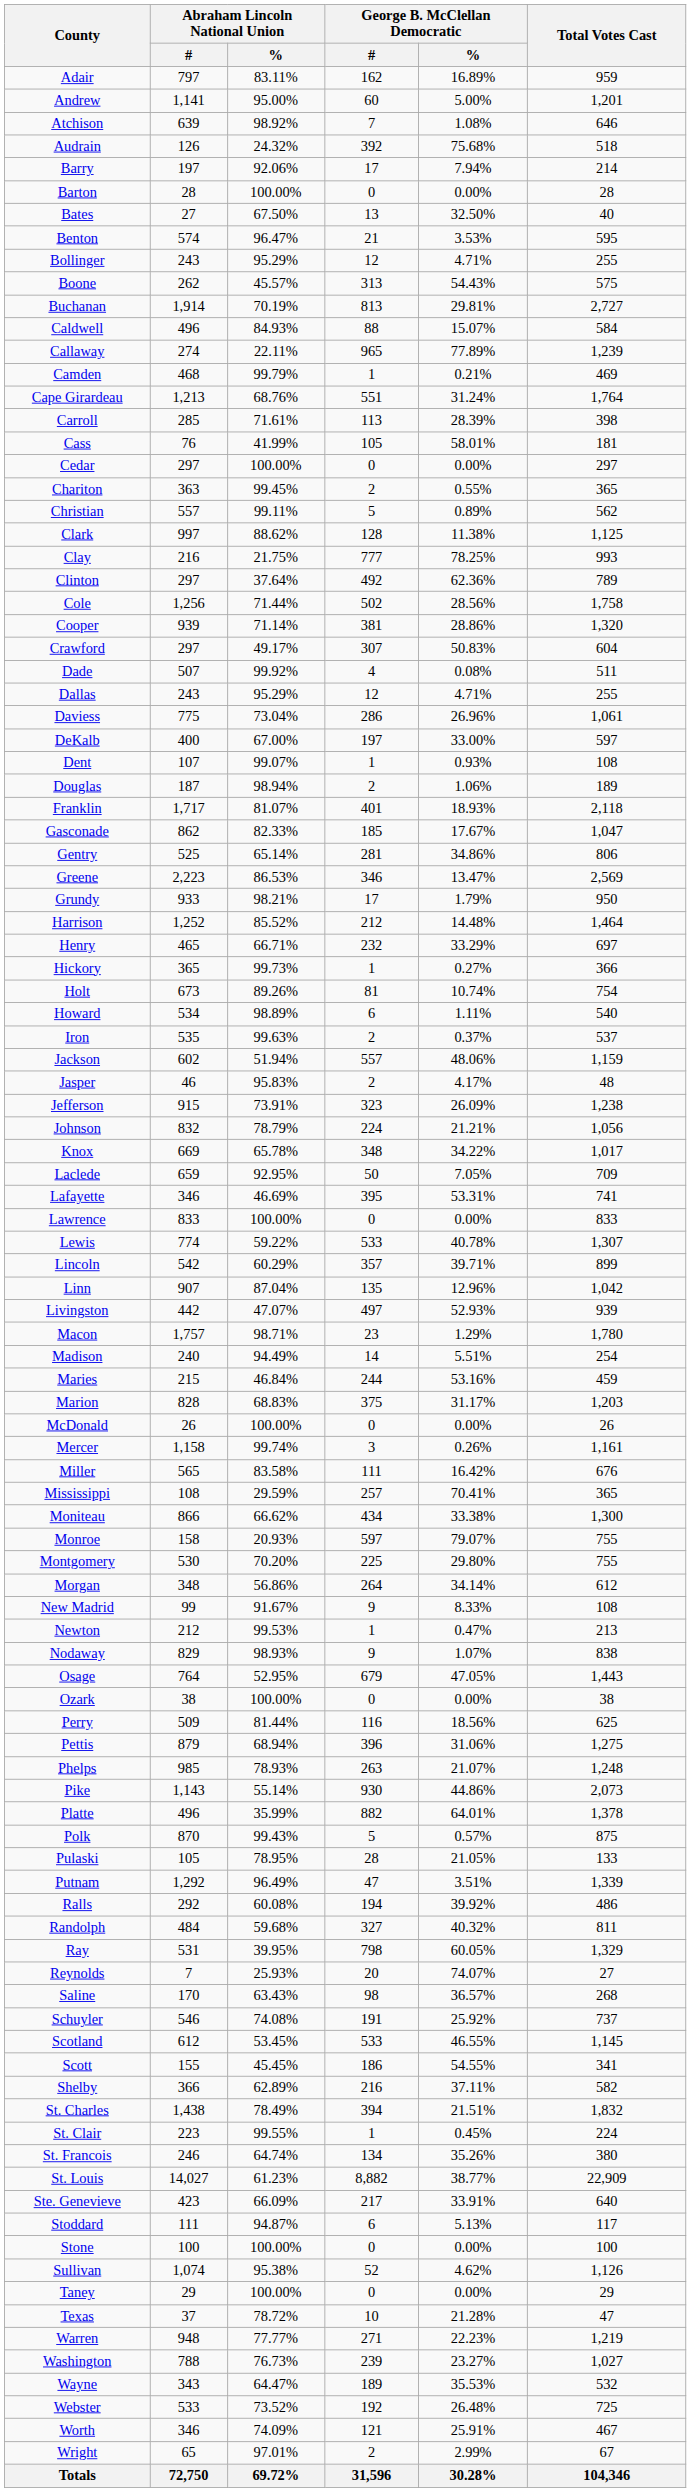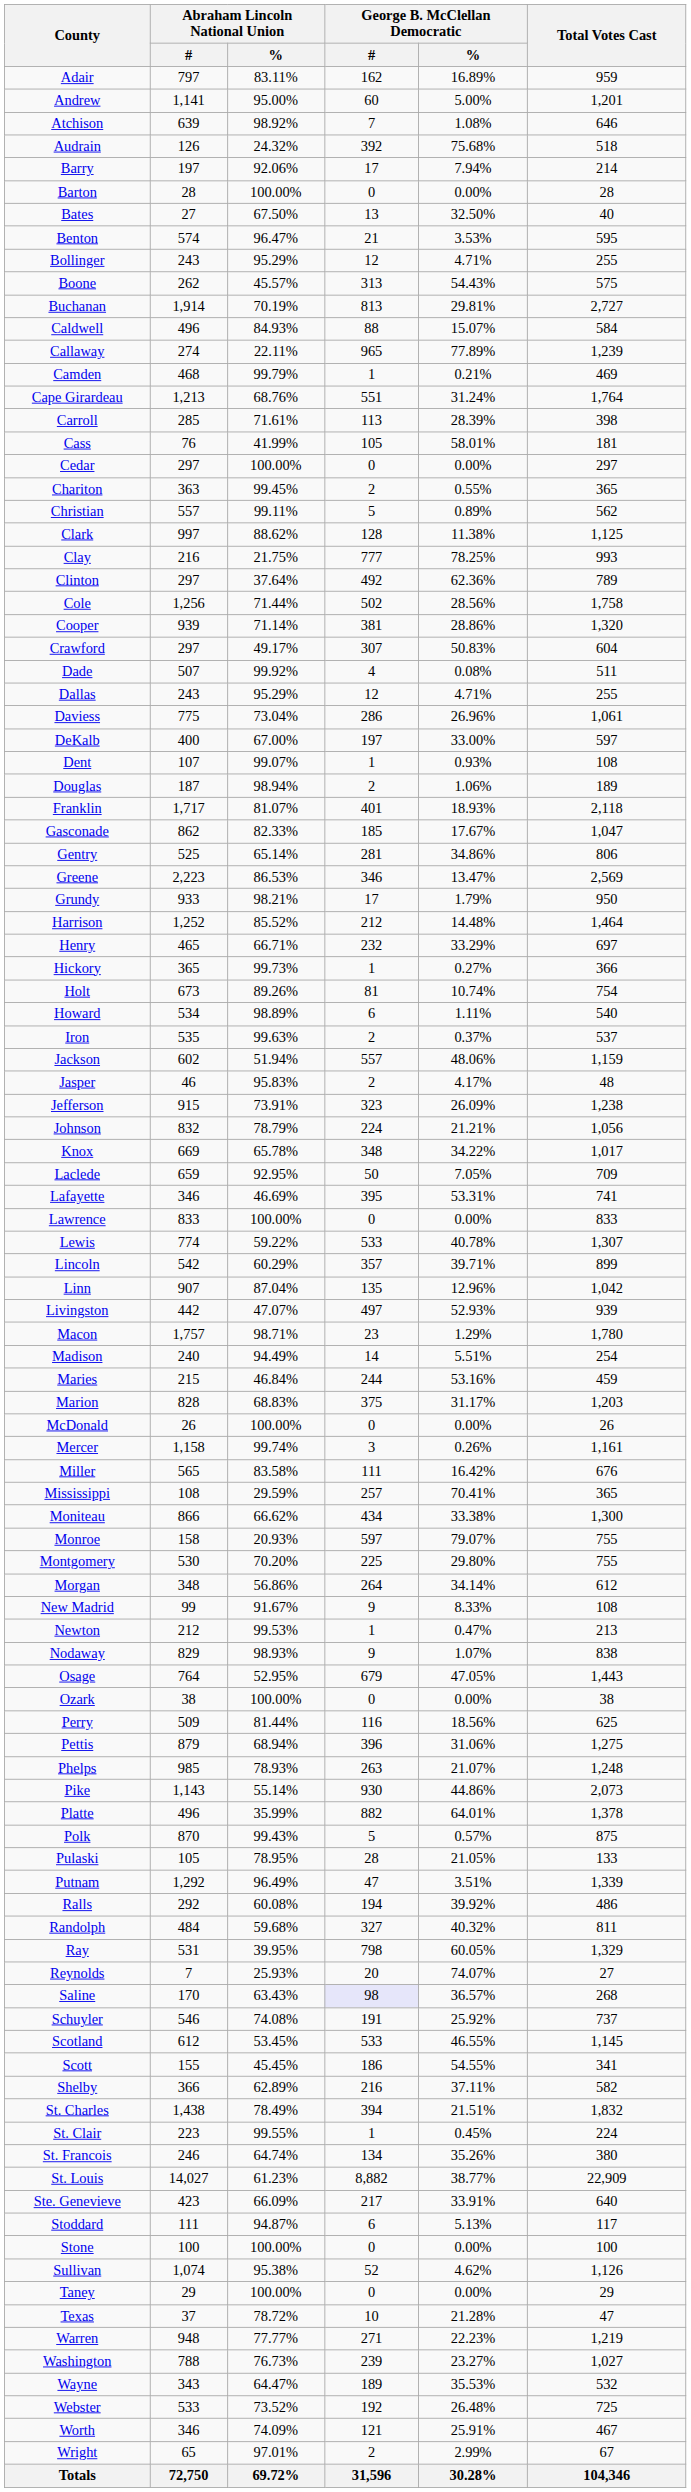 <table class="wikitable sortable" width="60%">
 <tr>
 <th rowspan="2">County</th>
 <th colspan="2">Abraham Lincoln<br>National Union</th>
 <th colspan="2">George B. McClellan<br>Democratic</th>
 <th rowspan="2">Total Votes Cast</th>
 </tr>
 <tr>
 <th data-sort-type="number" style="text-align:center;">#</th>
 <th data-sort-type="number" style="text-align:center;">%</th>
 <th data-sort-type="number" style="text-align:center;">#</th>
 <th data-sort-type="number" style="text-align:center;">%</th>
 </tr>
 <tr style="text-align:center;">
 <td><a href='#'>Adair</a></td>
 <td>797</td>
 <td>83.11%</td>
 <td>162</td>
 <td>16.89%</td>
 <td>959</td>
 </tr>
 <tr style="text-align:center;">
 <td><a href='#'>Andrew</a></td>
 <td>1,141</td>
 <td>95.00%</td>
 <td>60</td>
 <td>5.00%</td>
 <td>1,201</td>
 </tr>
 <tr style="text-align:center;">
 <td><a href='#'>Atchison</a></td>
 <td>639</td>
 <td>98.92%</td>
 <td>7</td>
 <td>1.08%</td>
 <td>646</td>
 </tr>
 <tr style="text-align:center;">
 <td><a href='#'>Audrain</a></td>
 <td>126</td>
 <td>24.32%</td>
 <td>392</td>
 <td>75.68%</td>
 <td>518</td>
 </tr>
 <tr style="text-align:center;">
 <td><a href='#'>Barry</a></td>
 <td>197</td>
 <td>92.06%</td>
 <td>17</td>
 <td>7.94%</td>
 <td>214</td>
 </tr>
 <tr style="text-align:center;">
 <td><a href='#'>Barton</a></td>
 <td>28</td>
 <td>100.00%</td>
 <td>0</td>
 <td>0.00%</td>
 <td>28</td>
 </tr>
 <tr style="text-align:center;">
 <td><a href='#'>Bates</a></td>
 <td>27</td>
 <td>67.50%</td>
 <td>13</td>
 <td>32.50%</td>
 <td>40</td>
 </tr>
 <tr style="text-align:center;">
 <td><a href='#'>Benton</a></td>
 <td>574</td>
 <td>96.47%</td>
 <td>21</td>
 <td>3.53%</td>
 <td>595</td>
 </tr>
 <tr style="text-align:center;">
 <td><a href='#'>Bollinger</a></td>
 <td>243</td>
 <td>95.29%</td>
 <td>12</td>
 <td>4.71%</td>
 <td>255</td>
 </tr>
 <tr style="text-align:center;">
 <td><a href='#'>Boone</a></td>
 <td>262</td>
 <td>45.57%</td>
 <td>313</td>
 <td>54.43%</td>
 <td>575</td>
 </tr>
 <tr style="text-align:center;">
 <td><a href='#'>Buchanan</a></td>
 <td>1,914</td>
 <td>70.19%</td>
 <td>813</td>
 <td>29.81%</td>
 <td>2,727</td>
 </tr>
 <tr style="text-align:center;">
 <td><a href='#'>Caldwell</a></td>
 <td>496</td>
 <td>84.93%</td>
 <td>88</td>
 <td>15.07%</td>
 <td>584</td>
 </tr>
 <tr style="text-align:center;">
 <td><a href='#'>Callaway</a></td>
 <td>274</td>
 <td>22.11%</td>
 <td>965</td>
 <td>77.89%</td>
 <td>1,239</td>
 </tr>
 <tr style="text-align:center;">
 <td><a href='#'>Camden</a></td>
 <td>468</td>
 <td>99.79%</td>
 <td>1</td>
 <td>0.21%</td>
 <td>469</td>
 </tr>
 <tr style="text-align:center;">
 <td><a href='#'>Cape Girardeau</a></td>
 <td>1,213</td>
 <td>68.76%</td>
 <td>551</td>
 <td>31.24%</td>
 <td>1,764</td>
 </tr>
 <tr style="text-align:center;">
 <td><a href='#'>Carroll</a></td>
 <td>285</td>
 <td>71.61%</td>
 <td>113</td>
 <td>28.39%</td>
 <td>398</td>
 </tr>
 <tr style="text-align:center;">
 <td><a href='#'>Cass</a></td>
 <td>76</td>
 <td>41.99%</td>
 <td>105</td>
 <td>58.01%</td>
 <td>181</td>
 </tr>
 <tr style="text-align:center;">
 <td><a href='#'>Cedar</a></td>
 <td>297</td>
 <td>100.00%</td>
 <td>0</td>
 <td>0.00%</td>
 <td>297</td>
 </tr>
 <tr style="text-align:center;">
 <td><a href='#'>Chariton</a></td>
 <td>363</td>
 <td>99.45%</td>
 <td>2</td>
 <td>0.55%</td>
 <td>365</td>
 </tr>
 <tr style="text-align:center;">
 <td><a href='#'>Christian</a></td>
 <td>557</td>
 <td>99.11%</td>
 <td>5</td>
 <td>0.89%</td>
 <td>562</td>
 </tr>
 <tr style="text-align:center;">
 <td><a href='#'>Clark</a></td>
 <td>997</td>
 <td>88.62%</td>
 <td>128</td>
 <td>11.38%</td>
 <td>1,125</td>
 </tr>
 <tr style="text-align:center;">
 <td><a href='#'>Clay</a></td>
 <td>216</td>
 <td>21.75%</td>
 <td>777</td>
 <td>78.25%</td>
 <td>993</td>
 </tr>
 <tr style="text-align:center;">
 <td><a href='#'>Clinton</a></td>
 <td>297</td>
 <td>37.64%</td>
 <td>492</td>
 <td>62.36%</td>
 <td>789</td>
 </tr>
 <tr style="text-align:center;">
 <td><a href='#'>Cole</a></td>
 <td>1,256</td>
 <td>71.44%</td>
 <td>502</td>
 <td>28.56%</td>
 <td>1,758</td>
 </tr>
 <tr style="text-align:center;">
 <td><a href='#'>Cooper</a></td>
 <td>939</td>
 <td>71.14%</td>
 <td>381</td>
 <td>28.86%</td>
 <td>1,320</td>
 </tr>
 <tr style="text-align:center;">
 <td><a href='#'>Crawford</a></td>
 <td>297</td>
 <td>49.17%</td>
 <td>307</td>
 <td>50.83%</td>
 <td>604</td>
 </tr>
 <tr style="text-align:center;">
 <td><a href='#'>Dade</a></td>
 <td>507</td>
 <td>99.92%</td>
 <td>4</td>
 <td>0.08%</td>
 <td>511</td>
 </tr>
 <tr style="text-align:center;">
 <td><a href='#'>Dallas</a></td>
 <td>243</td>
 <td>95.29%</td>
 <td>12</td>
 <td>4.71%</td>
 <td>255</td>
 </tr>
 <tr style="text-align:center;">
 <td><a href='#'>Daviess</a></td>
 <td>775</td>
 <td>73.04%</td>
 <td>286</td>
 <td>26.96%</td>
 <td>1,061</td>
 </tr>
 <tr style="text-align:center;">
 <td><a href='#'>DeKalb</a></td>
 <td>400</td>
 <td>67.00%</td>
 <td>197</td>
 <td>33.00%</td>
 <td>597</td>
 </tr>
 <tr style="text-align:center;">
 <td><a href='#'>Dent</a></td>
 <td>107</td>
 <td>99.07%</td>
 <td>1</td>
 <td>0.93%</td>
 <td>108</td>
 </tr>
 <tr style="text-align:center;">
 <td><a href='#'>Douglas</a></td>
 <td>187</td>
 <td>98.94%</td>
 <td>2</td>
 <td>1.06%</td>
 <td>189</td>
 </tr>
 <tr style="text-align:center;">
 <td><a href='#'>Franklin</a></td>
 <td>1,717</td>
 <td>81.07%</td>
 <td>401</td>
 <td>18.93%</td>
 <td>2,118</td>
 </tr>
 <tr style="text-align:center;">
 <td><a href='#'>Gasconade</a></td>
 <td>862</td>
 <td>82.33%</td>
 <td>185</td>
 <td>17.67%</td>
 <td>1,047</td>
 </tr>
 <tr style="text-align:center;">
 <td><a href='#'>Gentry</a></td>
 <td>525</td>
 <td>65.14%</td>
 <td>281</td>
 <td>34.86%</td>
 <td>806</td>
 </tr>
 <tr style="text-align:center;">
 <td><a href='#'>Greene</a></td>
 <td>2,223</td>
 <td>86.53%</td>
 <td>346</td>
 <td>13.47%</td>
 <td>2,569</td>
 </tr>
 <tr style="text-align:center;">
 <td><a href='#'>Grundy</a></td>
 <td>933</td>
 <td>98.21%</td>
 <td>17</td>
 <td>1.79%</td>
 <td>950</td>
 </tr>
 <tr style="text-align:center;">
 <td><a href='#'>Harrison</a></td>
 <td>1,252</td>
 <td>85.52%</td>
 <td>212</td>
 <td>14.48%</td>
 <td>1,464</td>
 </tr>
 <tr style="text-align:center;">
 <td><a href='#'>Henry</a></td>
 <td>465</td>
 <td>66.71%</td>
 <td>232</td>
 <td>33.29%</td>
 <td>697</td>
 </tr>
 <tr style="text-align:center;">
 <td><a href='#'>Hickory</a></td>
 <td>365</td>
 <td>99.73%</td>
 <td>1</td>
 <td>0.27%</td>
 <td>366</td>
 </tr>
 <tr style="text-align:center;">
 <td><a href='#'>Holt</a></td>
 <td>673</td>
 <td>89.26%</td>
 <td>81</td>
 <td>10.74%</td>
 <td>754</td>
 </tr>
 <tr style="text-align:center;">
 <td><a href='#'>Howard</a></td>
 <td>534</td>
 <td>98.89%</td>
 <td>6</td>
 <td>1.11%</td>
 <td>540</td>
 </tr>
 <tr style="text-align:center;">
 <td><a href='#'>Iron</a></td>
 <td>535</td>
 <td>99.63%</td>
 <td>2</td>
 <td>0.37%</td>
 <td>537</td>
 </tr>
 <tr style="text-align:center;">
 <td><a href='#'>Jackson</a></td>
 <td>602</td>
 <td>51.94%</td>
 <td>557</td>
 <td>48.06%</td>
 <td>1,159</td>
 </tr>
 <tr style="text-align:center;">
 <td><a href='#'>Jasper</a></td>
 <td>46</td>
 <td>95.83%</td>
 <td>2</td>
 <td>4.17%</td>
 <td>48</td>
 </tr>
 <tr style="text-align:center;">
 <td><a href='#'>Jefferson</a></td>
 <td>915</td>
 <td>73.91%</td>
 <td>323</td>
 <td>26.09%</td>
 <td>1,238</td>
 </tr>
 <tr style="text-align:center;">
 <td><a href='#'>Johnson</a></td>
 <td>832</td>
 <td>78.79%</td>
 <td>224</td>
 <td>21.21%</td>
 <td>1,056</td>
 </tr>
 <tr style="text-align:center;">
 <td><a href='#'>Knox</a></td>
 <td>669</td>
 <td>65.78%</td>
 <td>348</td>
 <td>34.22%</td>
 <td>1,017</td>
 </tr>
 <tr style="text-align:center;">
 <td><a href='#'>Laclede</a></td>
 <td>659</td>
 <td>92.95%</td>
 <td>50</td>
 <td>7.05%</td>
 <td>709</td>
 </tr>
 <tr style="text-align:center;">
 <td><a href='#'>Lafayette</a></td>
 <td>346</td>
 <td>46.69%</td>
 <td>395</td>
 <td>53.31%</td>
 <td>741</td>
 </tr>
 <tr style="text-align:center;">
 <td><a href='#'>Lawrence</a></td>
 <td>833</td>
 <td>100.00%</td>
 <td>0</td>
 <td>0.00%</td>
 <td>833</td>
 </tr>
 <tr style="text-align:center;">
 <td><a href='#'>Lewis</a></td>
 <td>774</td>
 <td>59.22%</td>
 <td>533</td>
 <td>40.78%</td>
 <td>1,307</td>
 </tr>
 <tr style="text-align:center;">
 <td><a href='#'>Lincoln</a></td>
 <td>542</td>
 <td>60.29%</td>
 <td>357</td>
 <td>39.71%</td>
 <td>899</td>
 </tr>
 <tr style="text-align:center;">
 <td><a href='#'>Linn</a></td>
 <td>907</td>
 <td>87.04%</td>
 <td>135</td>
 <td>12.96%</td>
 <td>1,042</td>
 </tr>
 <tr style="text-align:center;">
 <td><a href='#'>Livingston</a></td>
 <td>442</td>
 <td>47.07%</td>
 <td>497</td>
 <td>52.93%</td>
 <td>939</td>
 </tr>
 <tr style="text-align:center;">
 <td><a href='#'>Macon</a></td>
 <td>1,757</td>
 <td>98.71%</td>
 <td>23</td>
 <td>1.29%</td>
 <td>1,780</td>
 </tr>
 <tr style="text-align:center;">
 <td><a href='#'>Madison</a></td>
 <td>240</td>
 <td>94.49%</td>
 <td>14</td>
 <td>5.51%</td>
 <td>254</td>
 </tr>
 <tr style="text-align:center;">
 <td><a href='#'>Maries</a></td>
 <td>215</td>
 <td>46.84%</td>
 <td>244</td>
 <td>53.16%</td>
 <td>459</td>
 </tr>
 <tr style="text-align:center;">
 <td><a href='#'>Marion</a></td>
 <td>828</td>
 <td>68.83%</td>
 <td>375</td>
 <td>31.17%</td>
 <td>1,203</td>
 </tr>
 <tr style="text-align:center;">
 <td><a href='#'>McDonald</a></td>
 <td>26</td>
 <td>100.00%</td>
 <td>0</td>
 <td>0.00%</td>
 <td>26</td>
 </tr>
 <tr style="text-align:center;">
 <td><a href='#'>Mercer</a></td>
 <td>1,158</td>
 <td>99.74%</td>
 <td>3</td>
 <td>0.26%</td>
 <td>1,161</td>
 </tr>
 <tr style="text-align:center;">
 <td><a href='#'>Miller</a></td>
 <td>565</td>
 <td>83.58%</td>
 <td>111</td>
 <td>16.42%</td>
 <td>676</td>
 </tr>
 <tr style="text-align:center;">
 <td><a href='#'>Mississippi</a></td>
 <td>108</td>
 <td>29.59%</td>
 <td>257</td>
 <td>70.41%</td>
 <td>365</td>
 </tr>
 <tr style="text-align:center;">
 <td><a href='#'>Moniteau</a></td>
 <td>866</td>
 <td>66.62%</td>
 <td>434</td>
 <td>33.38%</td>
 <td>1,300</td>
 </tr>
 <tr style="text-align:center;">
 <td><a href='#'>Monroe</a></td>
 <td>158</td>
 <td>20.93%</td>
 <td>597</td>
 <td>79.07%</td>
 <td>755</td>
 </tr>
 <tr style="text-align:center;">
 <td><a href='#'>Montgomery</a></td>
 <td>530</td>
 <td>70.20%</td>
 <td>225</td>
 <td>29.80%</td>
 <td>755</td>
 </tr>
 <tr style="text-align:center;">
 <td><a href='#'>Morgan</a></td>
 <td>348</td>
 <td>56.86%</td>
 <td>264</td>
 <td>34.14%</td>
 <td>612</td>
 </tr>
 <tr style="text-align:center;">
 <td><a href='#'>New Madrid</a></td>
 <td>99</td>
 <td>91.67%</td>
 <td>9</td>
 <td>8.33%</td>
 <td>108</td>
 </tr>
 <tr style="text-align:center;">
 <td><a href='#'>Newton</a></td>
 <td>212</td>
 <td>99.53%</td>
 <td>1</td>
 <td>0.47%</td>
 <td>213</td>
 </tr>
 <tr style="text-align:center;">
 <td><a href='#'>Nodaway</a></td>
 <td>829</td>
 <td>98.93%</td>
 <td>9</td>
 <td>1.07%</td>
 <td>838</td>
 </tr>
 <tr style="text-align:center;">
 <td><a href='#'>Osage</a></td>
 <td>764</td>
 <td>52.95%</td>
 <td>679</td>
 <td>47.05%</td>
 <td>1,443</td>
 </tr>
 <tr style="text-align:center;">
 <td><a href='#'>Ozark</a></td>
 <td>38</td>
 <td>100.00%</td>
 <td>0</td>
 <td>0.00%</td>
 <td>38</td>
 </tr>
 <tr style="text-align:center;">
 <td><a href='#'>Perry</a></td>
 <td>509</td>
 <td>81.44%</td>
 <td>116</td>
 <td>18.56%</td>
 <td>625</td>
 </tr>
 <tr style="text-align:center;">
 <td><a href='#'>Pettis</a></td>
 <td>879</td>
 <td>68.94%</td>
 <td>396</td>
 <td>31.06%</td>
 <td>1,275</td>
 </tr>
 <tr style="text-align:center;">
 <td><a href='#'>Phelps</a></td>
 <td>985</td>
 <td>78.93%</td>
 <td>263</td>
 <td>21.07%</td>
 <td>1,248</td>
 </tr>
 <tr style="text-align:center;">
 <td><a href='#'>Pike</a></td>
 <td>1,143</td>
 <td>55.14%</td>
 <td>930</td>
 <td>44.86%</td>
 <td>2,073</td>
 </tr>
 <tr style="text-align:center;">
 <td><a href='#'>Platte</a></td>
 <td>496</td>
 <td>35.99%</td>
 <td>882</td>
 <td>64.01%</td>
 <td>1,378</td>
 </tr>
 <tr style="text-align:center;">
 <td><a href='#'>Polk</a></td>
 <td>870</td>
 <td>99.43%</td>
 <td>5</td>
 <td>0.57%</td>
 <td>875</td>
 </tr>
 <tr style="text-align:center;">
 <td><a href='#'>Pulaski</a></td>
 <td>105</td>
 <td>78.95%</td>
 <td>28</td>
 <td>21.05%</td>
 <td>133</td>
 </tr>
 <tr style="text-align:center;">
 <td><a href='#'>Putnam</a></td>
 <td>1,292</td>
 <td>96.49%</td>
 <td>47</td>
 <td>3.51%</td>
 <td>1,339</td>
 </tr>
 <tr style="text-align:center;">
 <td><a href='#'>Ralls</a></td>
 <td>292</td>
 <td>60.08%</td>
 <td>194</td>
 <td>39.92%</td>
 <td>486</td>
 </tr>
 <tr style="text-align:center;">
 <td><a href='#'>Randolph</a></td>
 <td>484</td>
 <td>59.68%</td>
 <td>327</td>
 <td>40.32%</td>
 <td>811</td>
 </tr>
 <tr style="text-align:center;">
 <td><a href='#'>Ray</a></td>
 <td>531</td>
 <td>39.95%</td>
 <td>798</td>
 <td>60.05%</td>
 <td>1,329</td>
 </tr>
 <tr style="text-align:center;">
 <td><a href='#'>Reynolds</a></td>
 <td>7</td>
 <td>25.93%</td>
 <td>20</td>
 <td>74.07%</td>
 <td>27</td>
 </tr>
 <tr style="text-align:center;">
 <td><a href='#'>Saline</a></td>
 <td>170</td>
 <td>63.43%</td>
-<td>98</td>
+<td style="background: lavender;">98</td>
 <td>36.57%</td>
 <td>268</td>
 </tr>
 <tr style="text-align:center;">
 <td><a href='#'>Schuyler</a></td>
 <td>546</td>
 <td>74.08%</td>
 <td>191</td>
 <td>25.92%</td>
 <td>737</td>
 </tr>
 <tr style="text-align:center;">
 <td><a href='#'>Scotland</a></td>
 <td>612</td>
 <td>53.45%</td>
 <td>533</td>
 <td>46.55%</td>
 <td>1,145</td>
 </tr>
 <tr style="text-align:center;">
 <td><a href='#'>Scott</a></td>
 <td>155</td>
 <td>45.45%</td>
 <td>186</td>
 <td>54.55%</td>
 <td>341</td>
 </tr>
 <tr style="text-align:center;">
 <td><a href='#'>Shelby</a></td>
 <td>366</td>
 <td>62.89%</td>
 <td>216</td>
 <td>37.11%</td>
 <td>582</td>
 </tr>
 <tr style="text-align:center;">
 <td><a href='#'>St. Charles</a></td>
 <td>1,438</td>
 <td>78.49%</td>
 <td>394</td>
 <td>21.51%</td>
 <td>1,832</td>
 </tr>
 <tr style="text-align:center;">
 <td><a href='#'>St. Clair</a></td>
 <td>223</td>
 <td>99.55%</td>
 <td>1</td>
 <td>0.45%</td>
 <td>224</td>
 </tr>
 <tr style="text-align:center;">
 <td><a href='#'>St. Francois</a></td>
 <td>246</td>
 <td>64.74%</td>
 <td>134</td>
 <td>35.26%</td>
 <td>380</td>
 </tr>
 <tr style="text-align:center;">
 <td><a href='#'>St. Louis</a></td>
 <td>14,027</td>
 <td>61.23%</td>
 <td>8,882</td>
 <td>38.77%</td>
 <td>22,909</td>
 </tr>
 <tr style="text-align:center;">
 <td><a href='#'>Ste. Genevieve</a></td>
 <td>423</td>
 <td>66.09%</td>
 <td>217</td>
 <td>33.91%</td>
 <td>640</td>
 </tr>
 <tr style="text-align:center;">
 <td><a href='#'>Stoddard</a></td>
 <td>111</td>
 <td>94.87%</td>
 <td>6</td>
 <td>5.13%</td>
 <td>117</td>
 </tr>
 <tr style="text-align:center;">
 <td><a href='#'>Stone</a></td>
 <td>100</td>
 <td>100.00%</td>
 <td>0</td>
 <td>0.00%</td>
 <td>100</td>
 </tr>
 <tr style="text-align:center;">
 <td><a href='#'>Sullivan</a></td>
 <td>1,074</td>
 <td>95.38%</td>
 <td>52</td>
 <td>4.62%</td>
 <td>1,126</td>
 </tr>
 <tr style="text-align:center;">
 <td><a href='#'>Taney</a></td>
 <td>29</td>
 <td>100.00%</td>
 <td>0</td>
 <td>0.00%</td>
 <td>29</td>
 </tr>
 <tr style="text-align:center;">
 <td><a href='#'>Texas</a></td>
 <td>37</td>
 <td>78.72%</td>
 <td>10</td>
 <td>21.28%</td>
 <td>47</td>
 </tr>
 <tr style="text-align:center;">
 <td><a href='#'>Warren</a></td>
 <td>948</td>
 <td>77.77%</td>
 <td>271</td>
 <td>22.23%</td>
 <td>1,219</td>
 </tr>
 <tr style="text-align:center;">
 <td><a href='#'>Washington</a></td>
 <td>788</td>
 <td>76.73%</td>
 <td>239</td>
 <td>23.27%</td>
 <td>1,027</td>
 </tr>
 <tr style="text-align:center;">
 <td><a href='#'>Wayne</a></td>
 <td>343</td>
 <td>64.47%</td>
 <td>189</td>
 <td>35.53%</td>
 <td>532</td>
 </tr>
 <tr style="text-align:center;">
 <td><a href='#'>Webster</a></td>
 <td>533</td>
 <td>73.52%</td>
 <td>192</td>
 <td>26.48%</td>
 <td>725</td>
 </tr>
 <tr style="text-align:center;">
 <td><a href='#'>Worth</a></td>
 <td>346</td>
 <td>74.09%</td>
 <td>121</td>
 <td>25.91%</td>
 <td>467</td>
 </tr>
 <tr style="text-align:center;">
 <td><a href='#'>Wright</a></td>
 <td>65</td>
 <td>97.01%</td>
 <td>2</td>
 <td>2.99%</td>
 <td>67</td>
 </tr>
 <tr>
 <th>Totals</th>
 <th>72,750</th>
 <th>69.72%</th>
 <th>31,596</th>
 <th>30.28%</th>
 <th>104,346</th>
 </tr>
 </table>
